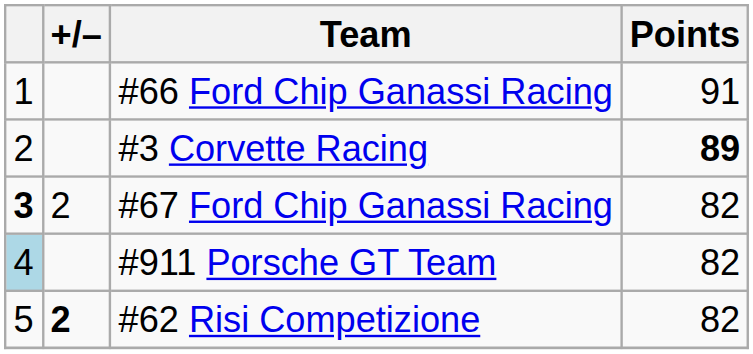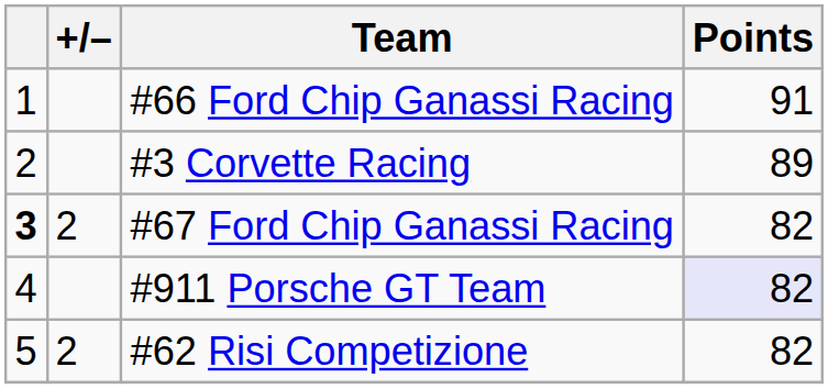 <table class="wikitable" style="font-size: 95%;">
 <tr>
 <th scope="col"></th>
 <th scope="col">+/–</th>
 <th scope="col">Team</th>
 <th scope="col">Points</th>
 </tr>
 <tr>
 <td align=center>1</td>
 <td align="left"></td>
 <td> #66 <a href='#'>Ford Chip Ganassi Racing</a></td>
 <td align=right>91</td>
 </tr>
 <tr>
 <td align=center>2</td>
 <td align="left"></td>
 <td> #3 <a href='#'>Corvette Racing</a></td>
-<td align=right><strong>89</strong></td>
+<td align=right>89</td>
 </tr>
 <tr>
 <td align=center><strong>3</strong></td>
 <td align="left"> 2</td>
 <td> #67 <a href='#'>Ford Chip Ganassi Racing</a></td>
 <td align=right>82</td>
 </tr>
 <tr>
-<td align=center style="background: lightblue;">4</td>
+<td align=center>4</td>
 <td align="left"></td>
 <td> #911 <a href='#'>Porsche GT Team</a></td>
-<td align=right>82</td>
+<td align=right style="background: lavender;">82</td>
 </tr>
 <tr>
 <td align=center>5</td>
-<td align="left"><strong> 2</strong></td>
+<td align="left"> 2</td>
 <td> #62 <a href='#'>Risi Competizione</a></td>
 <td align=right>82</td>
 </tr>
 <tr>
 </tr>
 </table>
